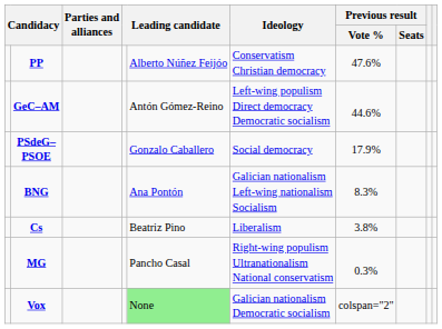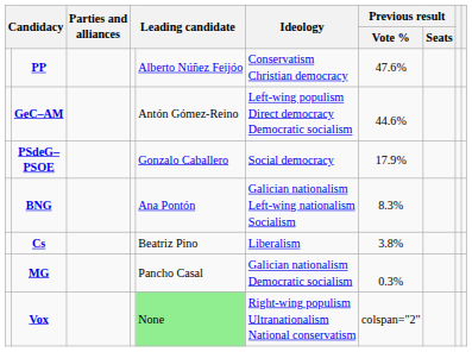 <table class="wikitable" style="line-height:1.35em; text-align:left;">
 <tr>
 <th colspan="2" rowspan="2">Candidacy</th>
 <th rowspan="2">Parties and<br>alliances</th>
 <th colspan="2" rowspan="2">Leading candidate</th>
 <th rowspan="2">Ideology</th>
 <th colspan="2">Previous result</th>
 <th rowspan="2"></th>
 <th rowspan="2"></th>
 </tr>
 <tr>
 <th>Vote %</th>
 <th>Seats</th>
 </tr>
 <tr>
 <td width="1" style="color:inherit;background:"></td>
 <td align="center"><strong><a href='#'>PP</a></strong></td>
 <td></td>
 <td></td>
 <td><a href='#'>Alberto Núñez Feijóo</a></td>
 <td><a href='#'>Conservatism</a><br><a href='#'>Christian democracy</a></td>
 <td align="center">47.6%</td>
 <td></td>
 <td></td>
 <td><br></td>
 </tr>
 <tr>
 <td style="color:inherit;background:"></td>
 <td align="center"><strong><a href='#'>GeC–AM</a></strong></td>
 <td></td>
 <td></td>
 <td>Antón Gómez-Reino</td>
 <td><a href='#'>Left-wing populism</a><br><a href='#'>Direct democracy</a><br><a href='#'>Democratic socialism</a></td>
 <td align="center"><br>44.6%<br></td>
 <td></td>
 <td></td>
 <td><br></td>
 </tr>
 <tr>
 <td style="color:inherit;background:"></td>
 <td align="center"><strong><a href='#'>PSdeG–<br>PSOE</a></strong></td>
 <td></td>
 <td></td>
 <td><a href='#'>Gonzalo Caballero</a></td>
 <td><a href='#'>Social democracy</a></td>
 <td align="center">17.9%</td>
 <td></td>
 <td></td>
 <td></td>
 </tr>
 <tr>
 <td style="color:inherit;background:"></td>
 <td align="center"><strong><a href='#'>BNG</a></strong></td>
 <td></td>
 <td></td>
 <td><a href='#'>Ana Pontón</a></td>
 <td><a href='#'>Galician nationalism</a><br><a href='#'>Left-wing nationalism</a><br><a href='#'>Socialism</a></td>
 <td align="center">8.3%</td>
 <td></td>
 <td></td>
 <td></td>
 </tr>
 <tr>
 <td style="color:inherit;background:"></td>
 <td align="center"><strong><a href='#'>Cs</a></strong></td>
 <td></td>
 <td></td>
 <td>Beatriz Pino</td>
 <td><a href='#'>Liberalism</a></td>
 <td align="center">3.8%</td>
 <td></td>
 <td></td>
 <td></td>
 </tr>
 <tr>
 <td style="color:inherit;background:"></td>
 <td align="center"><strong><a href='#'>MG</a></strong></td>
 <td></td>
 <td></td>
 <td>Pancho Casal</td>
-<td><a href='#'>Right-wing populism</a><br><a href='#'>Ultranationalism</a><br><a href='#'>National conservatism</a></td>
+<td><a href='#'>Galician nationalism</a><br><a href='#'>Democratic socialism</a></td>
 <td align="center"><br>0.3%<br></td>
 <td></td>
 <td></td>
 <td><br><br></td>
 </tr>
 <tr>
 <td style="color:inherit;background:"></td>
 <td align="center"><strong><a href='#'>Vox</a></strong></td>
 <td></td>
 <td></td>
 <td style="background: lightgreen;">None</td>
-<td><a href='#'>Galician nationalism</a><br><a href='#'>Democratic socialism</a></td>
+<td><a href='#'>Right-wing populism</a><br><a href='#'>Ultranationalism</a><br><a href='#'>National conservatism</a></td>
 <td>colspan="2" </td>
 <td></td>
 <td></td>
 </tr>
 </table>
